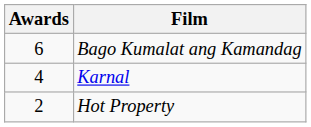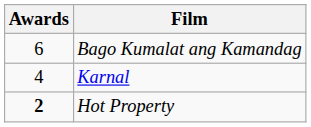 <table class="wikitable" style="text-align:center">
 <tr>
 <th scope="col">Awards</th>
 <th scope="col">Film</th>
 </tr>
 <tr>
 <td>6</td>
 <td align=left><em>Bago Kumalat ang Kamandag</em></td>
 </tr>
 <tr>
 <td>4</td>
 <td align=left><em><a href='#'>Karnal</a></em></td>
 </tr>
 <tr>
-<td>2</td>
+<td><strong>2</strong></td>
 <td align=left><em>Hot Property</em></td>
 </tr>
 </table>
